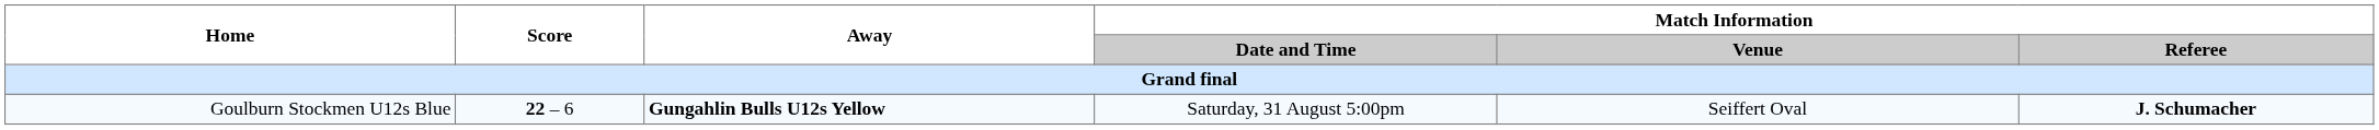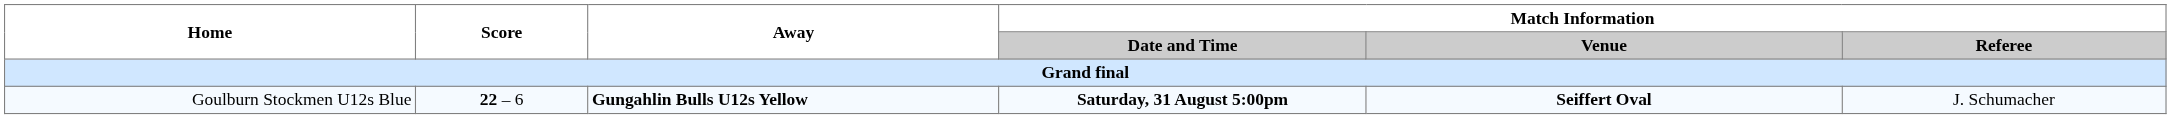 <table border="1" cellpadding="3" cellspacing="0" width="100%" style="border-collapse:collapse;  text-align:center;">
 <tr>
 <th rowspan="2" width="19%">Home</th>
 <th rowspan="2" width="8%">Score</th>
 <th rowspan="2" width="19%">Away</th>
 <th colspan="3">Match Information</th>
 </tr>
 <tr bgcolor="#CCCCCC">
 <th width="17%">Date and Time</th>
 <th width="22%">Venue</th>
 <th width="50%">Referee</th>
 </tr>
 <tr style="background:#d0e7ff;">
 <td colspan="6"><strong>Grand final</strong></td>
 </tr>
 <tr style="text-align:center; background:#f5faff;">
 <td align="right">Goulburn Stockmen U12s Blue </td>
 <td><strong>22</strong> – 6</td>
 <td align="left"><strong> Gungahlin Bulls U12s Yellow</strong></td>
-<td>Saturday, 31 August 5:00pm</td>
-<td>Seiffert Oval</td>
-<td><strong>J. Schumacher</strong></td>
+<td><strong>Saturday, 31 August 5:00pm</strong></td>
+<td><strong>Seiffert Oval</strong></td>
+<td>J. Schumacher</td>
 </tr>
 </table>
